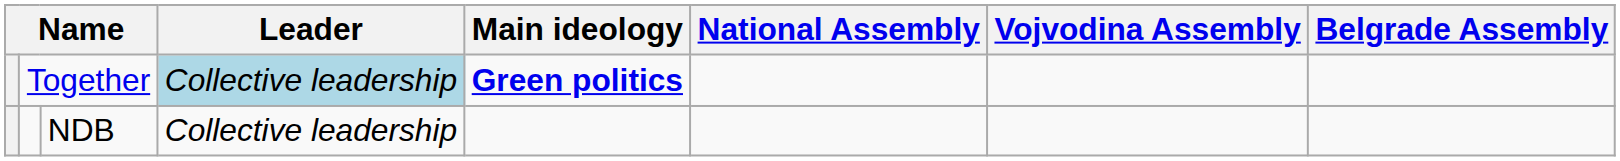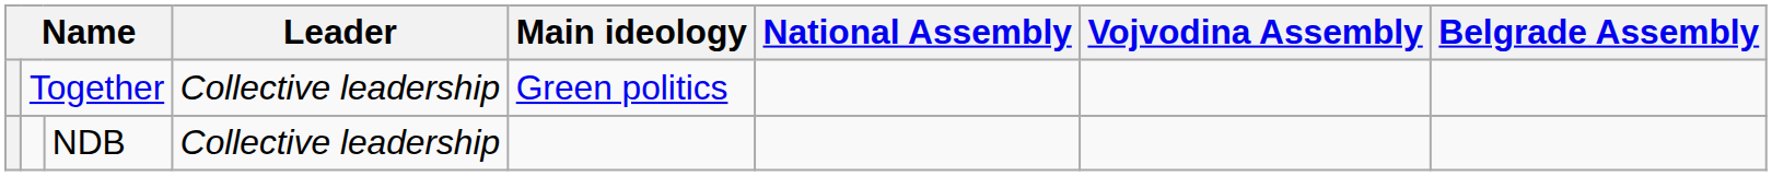 <table class="wikitable" style="text-align">
 <tr>
 <th colspan="3">Name</th>
 <th>Leader</th>
 <th>Main ideology</th>
 <th><a href='#'>National Assembly</a></th>
 <th><a href='#'>Vojvodina Assembly</a></th>
 <th><a href='#'>Belgrade Assembly</a></th>
 </tr>
 <tr>
 <th style="background-color:"></th>
 <td colspan="2"><a href='#'>Together</a></td>
-<td style="background: lightblue;"><em>Collective leadership</em></td>
-<td rowspan="1"><strong><a href='#'>Green politics</a></strong></td>
+<td><em>Collective leadership</em></td>
+<td rowspan="1"><a href='#'>Green politics</a></td>
 <td></td>
 <td></td>
 <td></td>
 </tr>
 <tr>
 <th style="background-color:"></th>
 <td></td>
 <td>NDB</td>
 <td><em>Collective leadership</em></td>
 <td rowspan="1"></td>
 <td></td>
 <td></td>
 <td></td>
 </tr>
 </table>
